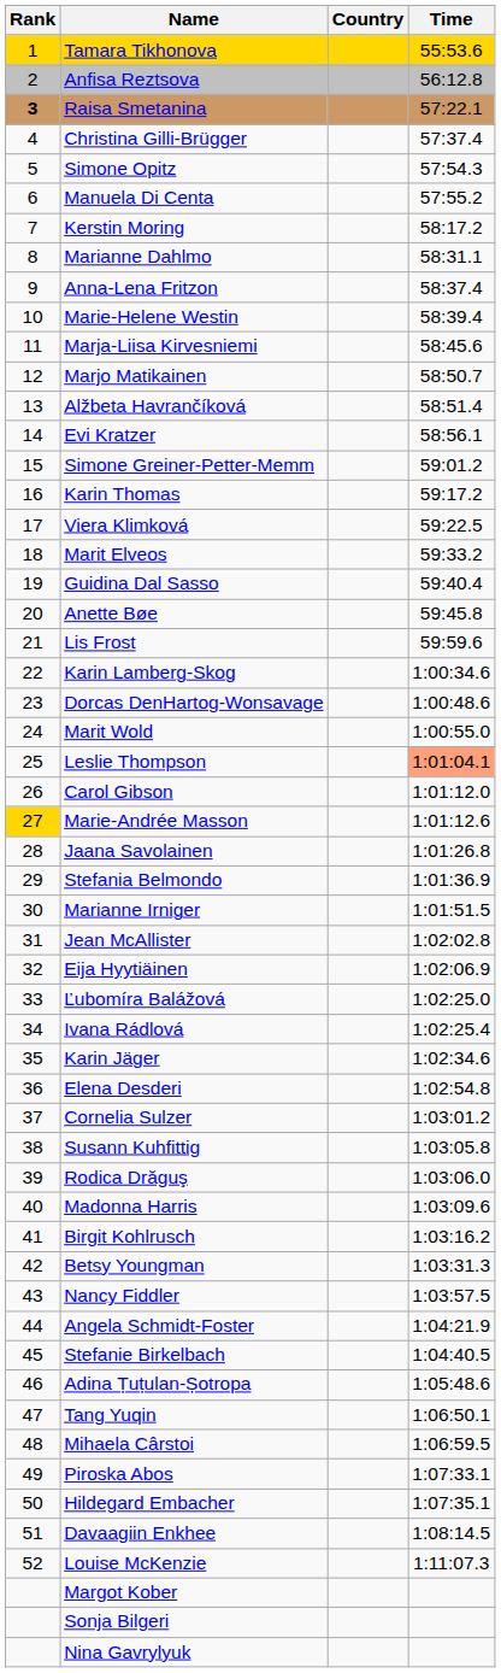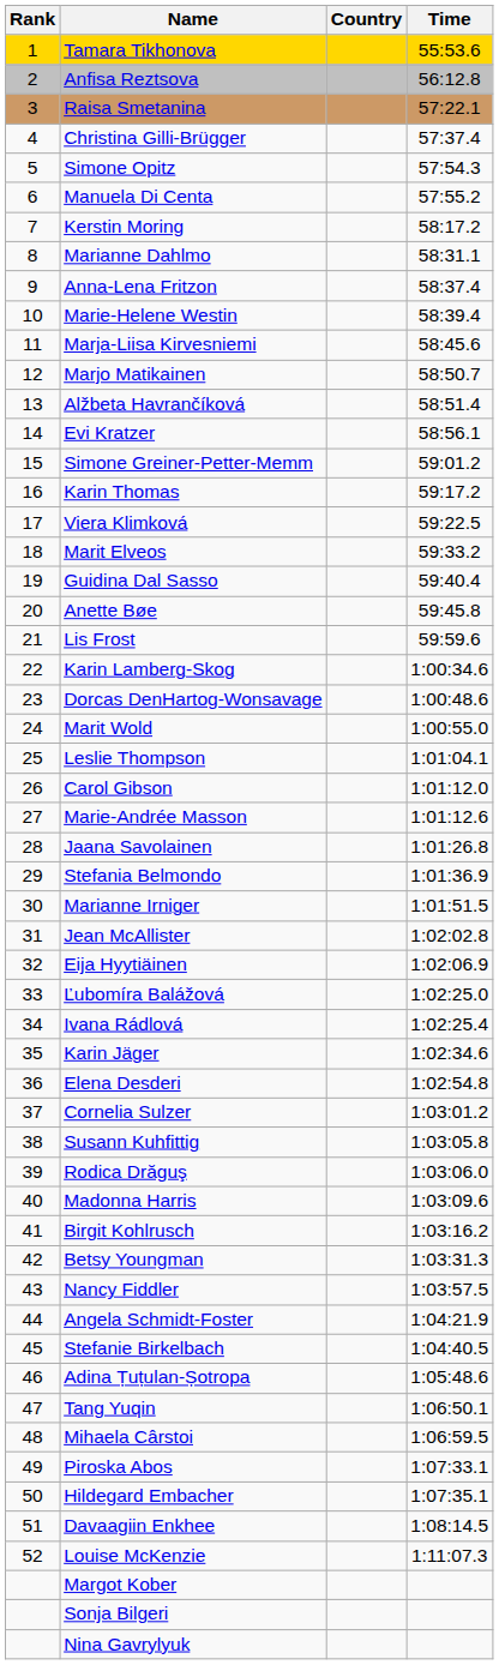 <table class="wikitable sortable" style="text-align:center">
 <tr>
 <th>Rank</th>
 <th>Name</th>
 <th>Country</th>
 <th>Time</th>
 </tr>
 <tr bgcolor=gold>
 <td>1</td>
 <td align="left"><a href='#'>Tamara Tikhonova</a></td>
 <td align="left"></td>
 <td>55:53.6</td>
 </tr>
 <tr bgcolor=silver>
 <td>2</td>
 <td align="left"><a href='#'>Anfisa Reztsova</a></td>
 <td align="left"></td>
 <td>56:12.8</td>
 </tr>
 <tr bgcolor=#CC9966>
-<td><strong>3</strong></td>
+<td>3</td>
 <td align="left"><a href='#'>Raisa Smetanina</a></td>
 <td align="left"></td>
 <td>57:22.1</td>
 </tr>
 <tr>
 <td>4</td>
 <td align="left"><a href='#'>Christina Gilli-Brügger</a></td>
 <td align="left"></td>
 <td>57:37.4</td>
 </tr>
 <tr>
 <td>5</td>
 <td align="left"><a href='#'>Simone Opitz</a></td>
 <td align="left"></td>
 <td>57:54.3</td>
 </tr>
 <tr>
 <td>6</td>
 <td align="left"><a href='#'>Manuela Di Centa</a></td>
 <td align="left"></td>
 <td>57:55.2</td>
 </tr>
 <tr>
 <td>7</td>
 <td align="left"><a href='#'>Kerstin Moring</a></td>
 <td align="left"></td>
 <td>58:17.2</td>
 </tr>
 <tr>
 <td>8</td>
 <td align="left"><a href='#'>Marianne Dahlmo</a></td>
 <td align="left"></td>
 <td>58:31.1</td>
 </tr>
 <tr>
 <td>9</td>
 <td align="left"><a href='#'>Anna-Lena Fritzon</a></td>
 <td align="left"></td>
 <td>58:37.4</td>
 </tr>
 <tr>
 <td>10</td>
 <td align="left"><a href='#'>Marie-Helene Westin</a></td>
 <td align="left"></td>
 <td>58:39.4</td>
 </tr>
 <tr>
 <td>11</td>
 <td align="left"><a href='#'>Marja-Liisa Kirvesniemi</a></td>
 <td align="left"></td>
 <td>58:45.6</td>
 </tr>
 <tr>
 <td>12</td>
 <td align="left"><a href='#'>Marjo Matikainen</a></td>
 <td align="left"></td>
 <td>58:50.7</td>
 </tr>
 <tr>
 <td>13</td>
 <td align="left"><a href='#'>Alžbeta Havrančíková</a></td>
 <td align="left"></td>
 <td>58:51.4</td>
 </tr>
 <tr>
 <td>14</td>
 <td align="left"><a href='#'>Evi Kratzer</a></td>
 <td align="left"></td>
 <td>58:56.1</td>
 </tr>
 <tr>
 <td>15</td>
 <td align="left"><a href='#'>Simone Greiner-Petter-Memm</a></td>
 <td align="left"></td>
 <td>59:01.2</td>
 </tr>
 <tr>
 <td>16</td>
 <td align="left"><a href='#'>Karin Thomas</a></td>
 <td align="left"></td>
 <td>59:17.2</td>
 </tr>
 <tr>
 <td>17</td>
 <td align="left"><a href='#'>Viera Klimková</a></td>
 <td align="left"></td>
 <td>59:22.5</td>
 </tr>
 <tr>
 <td>18</td>
 <td align="left"><a href='#'>Marit Elveos</a></td>
 <td align="left"></td>
 <td>59:33.2</td>
 </tr>
 <tr>
 <td>19</td>
 <td align="left"><a href='#'>Guidina Dal Sasso</a></td>
 <td align="left"></td>
 <td>59:40.4</td>
 </tr>
 <tr>
 <td>20</td>
 <td align="left"><a href='#'>Anette Bøe</a></td>
 <td align="left"></td>
 <td>59:45.8</td>
 </tr>
 <tr>
 <td>21</td>
 <td align="left"><a href='#'>Lis Frost</a></td>
 <td align="left"></td>
 <td>59:59.6</td>
 </tr>
 <tr>
 <td>22</td>
 <td align="left"><a href='#'>Karin Lamberg-Skog</a></td>
 <td align="left"></td>
 <td>1:00:34.6</td>
 </tr>
 <tr>
 <td>23</td>
 <td align="left"><a href='#'>Dorcas DenHartog-Wonsavage</a></td>
 <td align="left"></td>
 <td>1:00:48.6</td>
 </tr>
 <tr>
 <td>24</td>
 <td align="left"><a href='#'>Marit Wold</a></td>
 <td align="left"></td>
 <td>1:00:55.0</td>
 </tr>
 <tr>
 <td>25</td>
 <td align="left"><a href='#'>Leslie Thompson</a></td>
 <td align="left"></td>
-<td style="background: lightsalmon;">1:01:04.1</td>
+<td>1:01:04.1</td>
 </tr>
 <tr>
 <td>26</td>
 <td align="left"><a href='#'>Carol Gibson</a></td>
 <td align="left"></td>
 <td>1:01:12.0</td>
 </tr>
 <tr>
-<td style="background: gold;">27</td>
+<td>27</td>
 <td align="left"><a href='#'>Marie-Andrée Masson</a></td>
 <td align="left"></td>
 <td>1:01:12.6</td>
 </tr>
 <tr>
 <td>28</td>
 <td align="left"><a href='#'>Jaana Savolainen</a></td>
 <td align="left"></td>
 <td>1:01:26.8</td>
 </tr>
 <tr>
 <td>29</td>
 <td align="left"><a href='#'>Stefania Belmondo</a></td>
 <td align="left"></td>
 <td>1:01:36.9</td>
 </tr>
 <tr>
 <td>30</td>
 <td align="left"><a href='#'>Marianne Irniger</a></td>
 <td align="left"></td>
 <td>1:01:51.5</td>
 </tr>
 <tr>
 <td>31</td>
 <td align="left"><a href='#'>Jean McAllister</a></td>
 <td align="left"></td>
 <td>1:02:02.8</td>
 </tr>
 <tr>
 <td>32</td>
 <td align="left"><a href='#'>Eija Hyytiäinen</a></td>
 <td align="left"></td>
 <td>1:02:06.9</td>
 </tr>
 <tr>
 <td>33</td>
 <td align="left"><a href='#'>Ľubomíra Balážová</a></td>
 <td align="left"></td>
 <td>1:02:25.0</td>
 </tr>
 <tr>
 <td>34</td>
 <td align="left"><a href='#'>Ivana Rádlová</a></td>
 <td align="left"></td>
 <td>1:02:25.4</td>
 </tr>
 <tr>
 <td>35</td>
 <td align="left"><a href='#'>Karin Jäger</a></td>
 <td align="left"></td>
 <td>1:02:34.6</td>
 </tr>
 <tr>
 <td>36</td>
 <td align="left"><a href='#'>Elena Desderi</a></td>
 <td align="left"></td>
 <td>1:02:54.8</td>
 </tr>
 <tr>
 <td>37</td>
 <td align="left"><a href='#'>Cornelia Sulzer</a></td>
 <td align="left"></td>
 <td>1:03:01.2</td>
 </tr>
 <tr>
 <td>38</td>
 <td align="left"><a href='#'>Susann Kuhfittig</a></td>
 <td align="left"></td>
 <td>1:03:05.8</td>
 </tr>
 <tr>
 <td>39</td>
 <td align="left"><a href='#'>Rodica Drăguş</a></td>
 <td align="left"></td>
 <td>1:03:06.0</td>
 </tr>
 <tr>
 <td>40</td>
 <td align="left"><a href='#'>Madonna Harris</a></td>
 <td align="left"></td>
 <td>1:03:09.6</td>
 </tr>
 <tr>
 <td>41</td>
 <td align="left"><a href='#'>Birgit Kohlrusch</a></td>
 <td align="left"></td>
 <td>1:03:16.2</td>
 </tr>
 <tr>
 <td>42</td>
 <td align="left"><a href='#'>Betsy Youngman</a></td>
 <td align="left"></td>
 <td>1:03:31.3</td>
 </tr>
 <tr>
 <td>43</td>
 <td align="left"><a href='#'>Nancy Fiddler</a></td>
 <td align="left"></td>
 <td>1:03:57.5</td>
 </tr>
 <tr>
 <td>44</td>
 <td align="left"><a href='#'>Angela Schmidt-Foster</a></td>
 <td align="left"></td>
 <td>1:04:21.9</td>
 </tr>
 <tr>
 <td>45</td>
 <td align="left"><a href='#'>Stefanie Birkelbach</a></td>
 <td align="left"></td>
 <td>1:04:40.5</td>
 </tr>
 <tr>
 <td>46</td>
 <td align="left"><a href='#'>Adina Țuțulan-Șotropa</a></td>
 <td align="left"></td>
 <td>1:05:48.6</td>
 </tr>
 <tr>
 <td>47</td>
 <td align="left"><a href='#'>Tang Yuqin</a></td>
 <td align="left"></td>
 <td>1:06:50.1</td>
 </tr>
 <tr>
 <td>48</td>
 <td align="left"><a href='#'>Mihaela Cârstoi</a></td>
 <td align="left"></td>
 <td>1:06:59.5</td>
 </tr>
 <tr>
 <td>49</td>
 <td align="left"><a href='#'>Piroska Abos</a></td>
 <td align="left"></td>
 <td>1:07:33.1</td>
 </tr>
 <tr>
 <td>50</td>
 <td align="left"><a href='#'>Hildegard Embacher</a></td>
 <td align="left"></td>
 <td>1:07:35.1</td>
 </tr>
 <tr>
 <td>51</td>
 <td align="left"><a href='#'>Davaagiin Enkhee</a></td>
 <td align="left"></td>
 <td>1:08:14.5</td>
 </tr>
 <tr>
 <td>52</td>
 <td align="left"><a href='#'>Louise McKenzie</a></td>
 <td align="left"></td>
 <td>1:11:07.3</td>
 </tr>
 <tr>
 <td></td>
 <td align="left"><a href='#'>Margot Kober</a></td>
 <td align="left"></td>
 <td></td>
 </tr>
 <tr>
 <td></td>
 <td align="left"><a href='#'>Sonja Bilgeri</a></td>
 <td align="left"></td>
 <td></td>
 </tr>
 <tr>
 <td></td>
 <td align="left"><a href='#'>Nina Gavrylyuk</a></td>
 <td align="left"></td>
 <td></td>
 </tr>
 </table>
